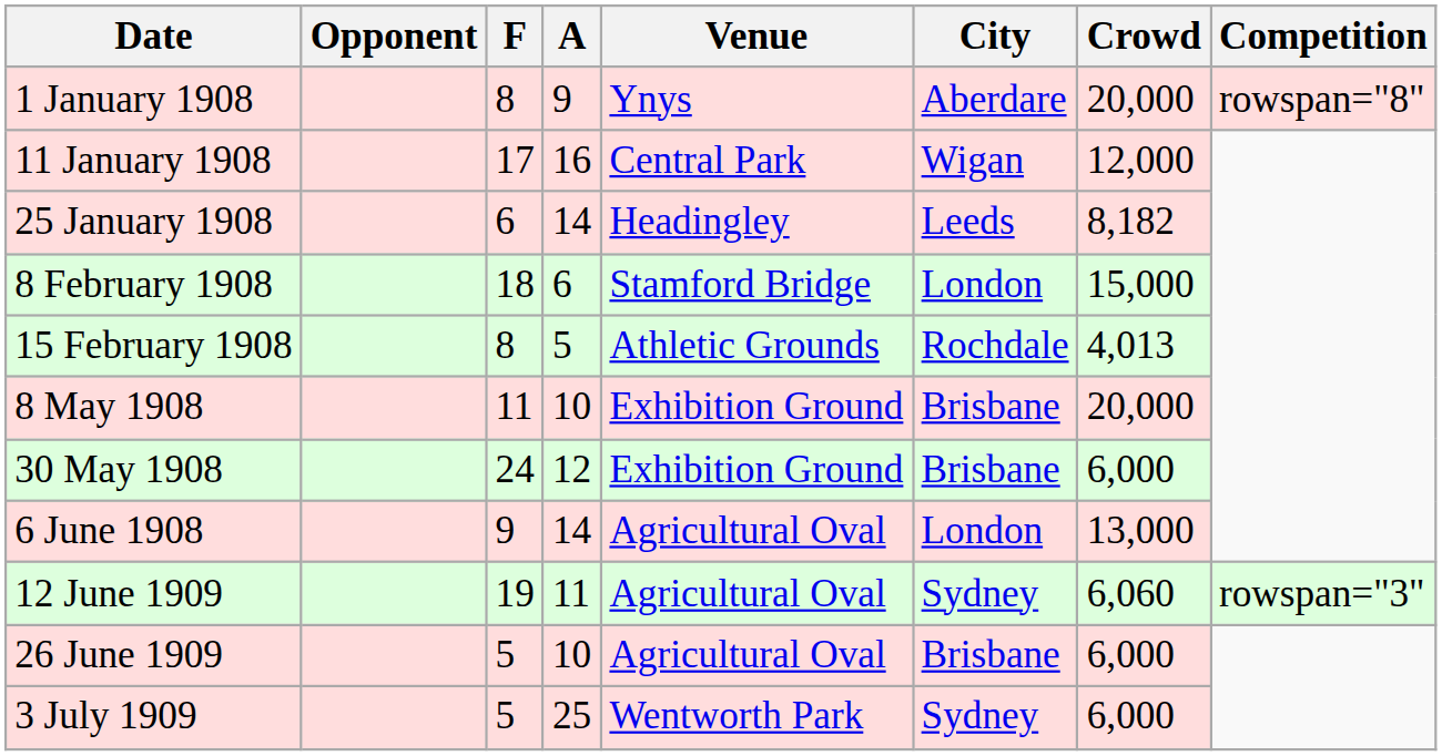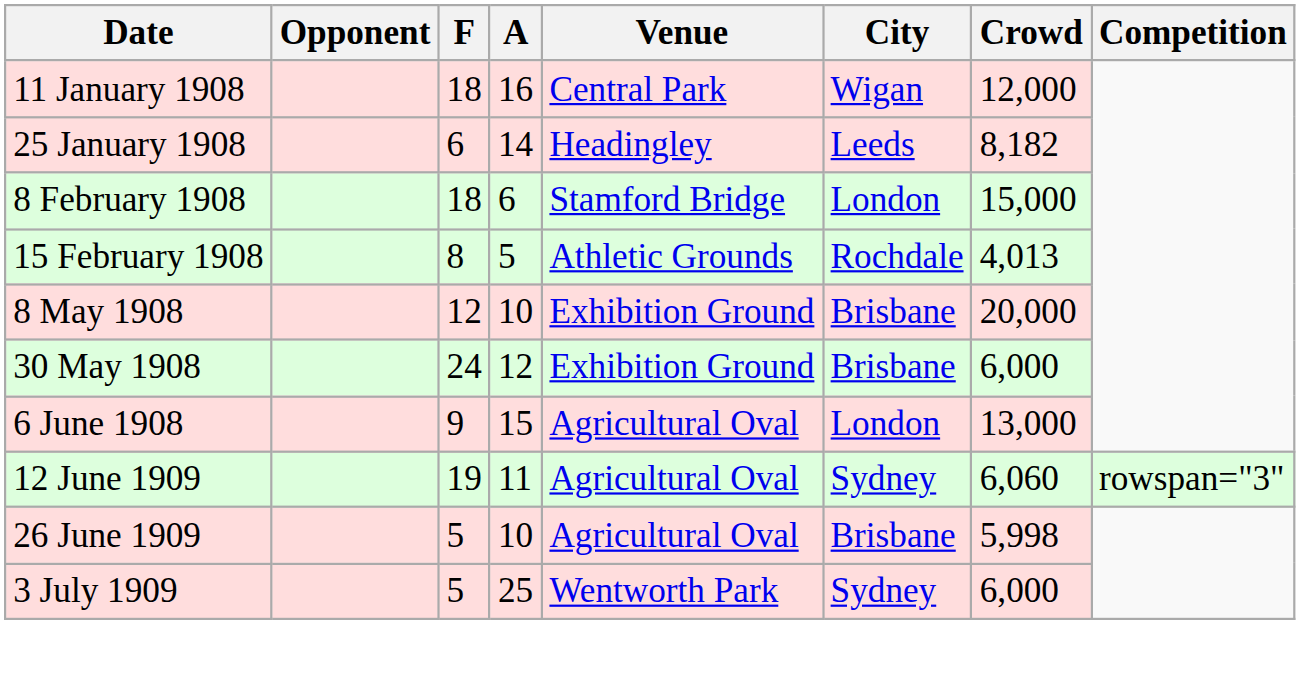 <table class="wikitable sortable">
 <tr>
 <th>Date</th>
 <th>Opponent</th>
 <th>F</th>
 <th>A</th>
 <th>Venue</th>
 <th>City</th>
 <th>Crowd</th>
 <th>Competition</th>
 </tr>
 <tr style="background:#ffdddd;">
-<td>1 January 1908</td>
-<td></td>
-<td>8</td>
-<td>9</td>
-<td><a href='#'>Ynys</a></td>
-<td><a href='#'>Aberdare</a></td>
-<td>20,000</td>
-<td>rowspan="8" </td>
-</tr>
-<tr style="background:#ffdddd;">
 <td>11 January 1908</td>
 <td></td>
-<td>17</td>
+<td>18</td>
 <td>16</td>
 <td><a href='#'>Central Park</a></td>
 <td><a href='#'>Wigan</a></td>
 <td>12,000</td>
 </tr>
 <tr style="background:#ffdddd;">
 <td>25 January 1908</td>
 <td></td>
 <td>6</td>
 <td>14</td>
 <td><a href='#'>Headingley</a></td>
 <td><a href='#'>Leeds</a></td>
 <td>8,182</td>
 </tr>
 <tr style="background:#ddffdd;">
 <td>8 February 1908</td>
 <td></td>
 <td>18</td>
 <td>6</td>
 <td><a href='#'>Stamford Bridge</a></td>
 <td><a href='#'>London</a></td>
 <td>15,000</td>
 </tr>
 <tr style="background:#ddffdd;">
 <td>15 February 1908</td>
 <td></td>
 <td>8</td>
 <td>5</td>
 <td><a href='#'>Athletic Grounds</a></td>
 <td><a href='#'>Rochdale</a></td>
 <td>4,013</td>
 </tr>
 <tr style="background:#ffdddd;">
 <td>8 May 1908</td>
 <td></td>
-<td>11</td>
+<td>12</td>
 <td>10</td>
 <td><a href='#'>Exhibition Ground</a></td>
 <td><a href='#'>Brisbane</a></td>
 <td>20,000</td>
 </tr>
 <tr style="background:#ddffdd;">
 <td>30 May 1908</td>
 <td></td>
 <td>24</td>
 <td>12</td>
 <td><a href='#'>Exhibition Ground</a></td>
 <td><a href='#'>Brisbane</a></td>
 <td>6,000</td>
 </tr>
 <tr style="background:#ffdddd;">
 <td>6 June 1908</td>
 <td></td>
 <td>9</td>
-<td>14</td>
+<td>15</td>
 <td><a href='#'>Agricultural Oval</a></td>
 <td><a href='#'>London</a></td>
 <td>13,000</td>
 </tr>
 <tr style="background:#ddffdd;">
 <td>12 June 1909</td>
 <td></td>
 <td>19</td>
 <td>11</td>
 <td><a href='#'>Agricultural Oval</a></td>
 <td><a href='#'>Sydney</a></td>
 <td>6,060</td>
 <td>rowspan="3" </td>
 </tr>
 <tr style="background:#ffdddd;">
 <td>26 June 1909</td>
 <td></td>
 <td>5</td>
 <td>10</td>
 <td><a href='#'>Agricultural Oval</a></td>
 <td><a href='#'>Brisbane</a></td>
-<td>6,000</td>
+<td>5,998</td>
 </tr>
 <tr style="background:#ffdddd;">
 <td>3 July 1909</td>
 <td></td>
 <td>5</td>
 <td>25</td>
 <td><a href='#'>Wentworth Park</a></td>
 <td><a href='#'>Sydney</a></td>
 <td>6,000</td>
 </tr>
 </table>
